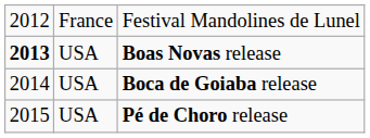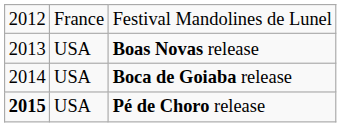 <table class="wikitable">
 <tr>
 <td>2012</td>
 <td>France</td>
 <td>Festival Mandolines de Lunel</td>
 </tr>
 <tr>
-<td><strong>2013</strong></td>
+<td>2013</td>
 <td>USA</td>
 <td><strong>Boas Novas</strong> release</td>
 </tr>
 <tr>
 <td>2014</td>
 <td>USA</td>
 <td><strong>Boca de Goiaba</strong> release</td>
 </tr>
 <tr>
-<td>2015</td>
+<td><strong>2015</strong></td>
 <td>USA</td>
 <td><strong>Pé de Choro</strong> release</td>
 </tr>
 </table>
